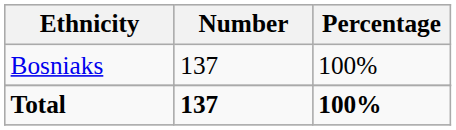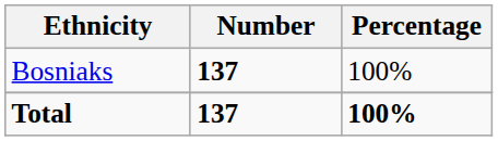 <table class="wikitable">
 <tr>
 <th width="100px">Ethnicity</th>
 <th width="80px">Number</th>
 <th width="80px">Percentage</th>
 </tr>
 <tr>
 <td><a href='#'>Bosniaks</a></td>
-<td>137</td>
+<td><strong>137</strong></td>
 <td>100%</td>
 </tr>
 <tr>
 </tr>
 <tr>
 <td><strong>Total</strong></td>
 <td><strong>137</strong></td>
 <td><strong>100%</strong></td>
 </tr>
 </table>
